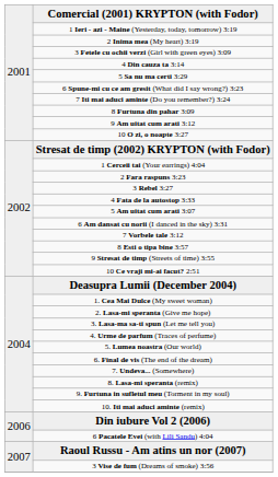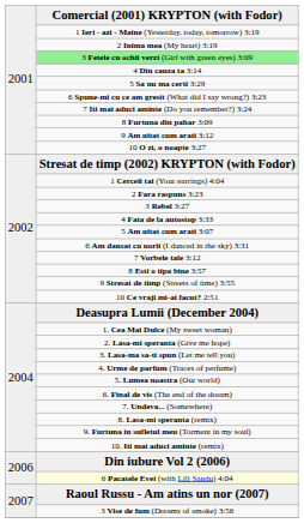 <table class="wikitable" style="text-align:center;">
 <tr style="background-color:#efefef">
 <td rowspan="11" height="13" align="center">2001</td>
 <td style="font-weight:bold" colspan="2" valign="bottom">Comercial (2001) KRYPTON (with Fodor)</td>
 </tr>
 <tr>
 <td style="font-size:8pt"  valign="bottom">1 <strong>Ieri - azi - Maine</strong> (Yesterday, today, tomorrow) 3:19</td>
 </tr>
 <tr>
 <td style="font-size:8pt"  valign="bottom">2 <strong>Inima mea</strong> (My heart) 3:19</td>
 </tr>
 <tr>
-<td style="font-size:8pt"  valign="bottom">3 <strong>Fetele cu ochii verzi</strong> (Girl with green eyes) 3:09</td>
+<td style="background: lightgreen; font-size:8pt"  valign="bottom">3 <strong>Fetele cu ochii verzi</strong> (Girl with green eyes) 3:09</td>
 </tr>
 <tr>
 <td style="font-size:8pt"  valign="bottom">4 <strong>Din cauza ta</strong> 3:14</td>
 </tr>
 <tr>
 <td style="font-size:8pt"  valign="bottom">5 <strong>Sa nu ma certi</strong> 3:29</td>
 </tr>
 <tr>
 <td style="font-size:8pt"  valign="bottom">6 <strong>Spune-mi cu ce am gresit</strong> (What did I say wrong?) 3:23</td>
 </tr>
 <tr>
 <td style="font-size:8pt"  valign="bottom">7 <strong>Iti mai aduci aminte</strong> (Do you remember?) 3:24</td>
 </tr>
 <tr>
 <td style="font-size:8pt"  valign="bottom">8 <strong>Furtuna din pahar</strong> 3:09</td>
 </tr>
 <tr>
 <td style="font-size:8pt"  valign="bottom">9 <strong>Am uitat cum arati</strong> 3:12</td>
 </tr>
 <tr>
 <td style="font-size:8pt"  valign="bottom">10 <strong>O zi, o noapte</strong> 3:27</td>
 </tr>
 <tr style="background-color:#efefef">
 <td rowspan="11" height="13" align="center">2002</td>
 <td style="font-weight:bold" colspan="2" valign="bottom">Stresat de timp (2002) KRYPTON (with Fodor)</td>
 </tr>
 <tr>
 <td style="font-size:8pt"  valign="bottom">1 <strong>Cerceii tai</strong> (Your earrings) 4:04</td>
 </tr>
 <tr>
 <td style="font-size:8pt"  valign="bottom">2 <strong>Fara raspuns</strong> 3:23</td>
 </tr>
 <tr>
 <td style="font-size:8pt"  valign="bottom">3 <strong>Rebel</strong> 3:27</td>
 </tr>
 <tr>
 <td style="font-size:8pt"  valign="bottom">4 <strong>Fata de la autostop</strong> 3:33</td>
 </tr>
 <tr>
 <td style="font-size:8pt"  valign="bottom">5 <strong>Am uitat cum arati</strong> 3:07</td>
 </tr>
 <tr>
 <td style="font-size:8pt"  valign="bottom">6 <strong>Am dansat cu norii</strong> (I danced in the sky) 3:31</td>
 </tr>
 <tr>
 <td style="font-size:8pt"  valign="bottom">7 <strong>Vorbele tale</strong> 3:12</td>
 </tr>
 <tr>
 <td style="font-size:8pt"  valign="bottom">8 <strong>Esti o tipa bine</strong> 3:57</td>
 </tr>
 <tr>
 <td style="font-size:8pt"  valign="bottom">9 <strong>Stresat de timp</strong> (Streets of time) 3:55</td>
 </tr>
 <tr>
 <td style="font-size:8pt"  valign="bottom">10 <strong>Ce vraji mi-ai facut?</strong> 2:51</td>
 </tr>
 <tr style="background-color:#efefef">
 <td rowspan="11" height="13" align="center">2004</td>
 <td style="font-weight:bold" colspan="2" valign="bottom">Deasupra Lumii (December 2004)</td>
 </tr>
 <tr>
 <td style="font-size:8pt"  valign="bottom">1. <strong>Cea Mai Dulce</strong> (My sweet woman)</td>
 </tr>
 <tr>
 <td style="font-size:8pt"  valign="bottom">2. <strong>Lasa-mi speranta</strong> (Give me hope)</td>
 </tr>
 <tr>
 <td style="font-size:8pt"  valign="bottom">3. <strong>Lasa-ma sa-ti spun</strong> (Let me tell you)</td>
 </tr>
 <tr>
 <td style="font-size:8pt"  valign="bottom">4. <strong>Urme de parfum</strong> (Traces of perfume)</td>
 </tr>
 <tr>
 <td style="font-size:8pt"  valign="bottom">5. <strong>Lumea noastra</strong> (Our world)</td>
 </tr>
 <tr>
 <td style="font-size:8pt"  valign="bottom">6. <strong>Final de vis</strong> (The end of the dream)</td>
 </tr>
 <tr>
 <td style="font-size:8pt"  valign="bottom">7. <strong>Undeva...</strong> (Somewhere)</td>
 </tr>
 <tr>
 <td style="font-size:8pt"  valign="bottom">8. <strong>Lasa-mi speranta</strong> (remix)</td>
 </tr>
 <tr>
 <td style="font-size:8pt"  valign="bottom">9. <strong>Furtuna in sufletul meu</strong> (Torment in my soul)</td>
 </tr>
 <tr>
 <td style="font-size:8pt"  valign="bottom">10. <strong>Iti mai aduci aminte</strong> (remix)</td>
 </tr>
 <tr style="background-color:#efefef">
 <td rowspan="2" height="13" align="center">2006</td>
 <td style="font-weight:bold" colspan="2" valign="bottom">Din iubure Vol 2 (2006)</td>
 </tr>
 <tr>
-<td style="font-size:8pt"  valign="bottom">6 <strong>Pacatele Evei</strong> (with <a href='#'>Lili Sandu</a>) 4:04</td>
+<td style="background: lightyellow; font-size:8pt"  valign="bottom">6 <strong>Pacatele Evei</strong> (with <a href='#'>Lili Sandu</a>) 4:04</td>
 </tr>
 <tr style="background-color:#efefef">
 <td rowspan="2" height="13" align="center">2007</td>
 <td style="font-weight:bold" colspan="2" valign="bottom">Raoul Russu - Am atins un nor (2007)</td>
 </tr>
 <tr>
 <td style="font-size:8pt"  valign="bottom">3 <strong>Vise de fum</strong> (Dreams of smoke) 3:56</td>
 </tr>
 <tr>
 </tr>
 </table>
